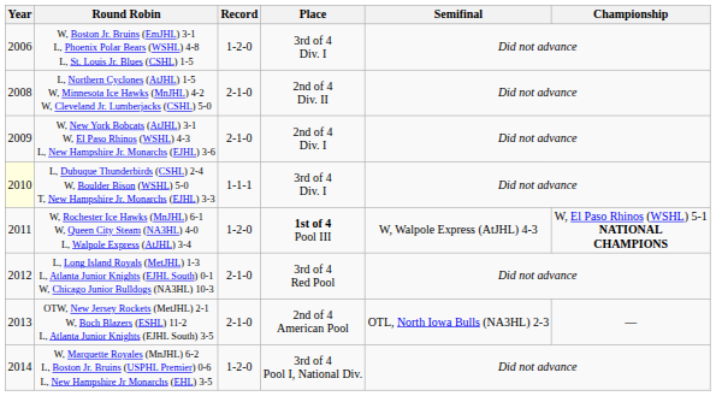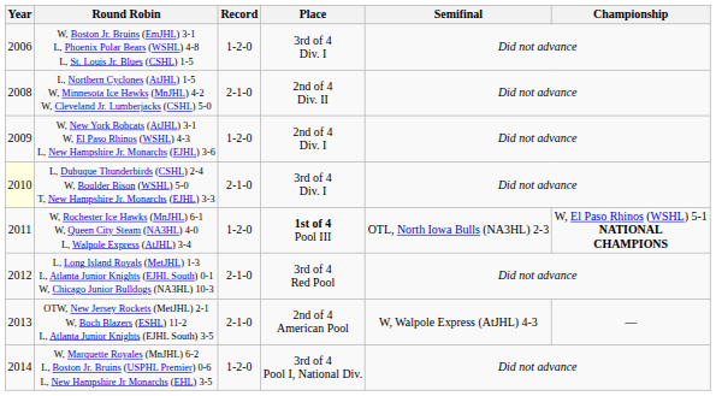 <table class="wikitable"  style="text-align:center">
 <tr>
 <th>Year</th>
 <th>Round Robin</th>
 <th>Record</th>
 <th>Place</th>
 <th>Semifinal</th>
 <th>Championship</th>
 </tr>
 <tr>
 <td>2006</td>
 <td><small>W, <a href='#'>Boston Jr. Bruins</a> (<a href='#'>EmJHL</a>) 3-1<br>L, <a href='#'>Phoenix Polar Bears</a> (<a href='#'>WSHL</a>) 4-8<br>L, <a href='#'>St. Louis Jr. Blues</a> (<a href='#'>CSHL</a>) 1-5</small></td>
 <td>1-2-0</td>
 <td>3rd of 4<br>Div. I</td>
 <td colspan=2><em>Did not advance</em></td>
 </tr>
 <tr>
 <td>2008</td>
 <td><small>L, <a href='#'>Northern Cyclones</a> (<a href='#'>AtJHL</a>) 1-5<br>W, <a href='#'>Minnesota Ice Hawks</a> (<a href='#'>MnJHL</a>) 4-2<br>W, <a href='#'>Cleveland Jr. Lumberjacks</a> (<a href='#'>CSHL</a>) 5-0</small></td>
 <td>2-1-0</td>
 <td>2nd of 4<br>Div. II</td>
 <td colspan=2><em>Did not advance</em></td>
 </tr>
 <tr>
 <td>2009</td>
 <td><small>W, <a href='#'>New York Bobcats</a> (<a href='#'>AtJHL</a>) 3-1<br>W, <a href='#'>El Paso Rhinos</a> (<a href='#'>WSHL</a>) 4-3<br>L, <a href='#'>New Hampshire Jr. Monarchs</a> (<a href='#'>EJHL</a>) 3-6</small></td>
-<td>2-1-0</td>
+<td>1-2-0</td>
 <td>2nd of 4<br>Div. I</td>
 <td colspan=2><em>Did not advance</em></td>
 </tr>
 <tr>
 <td style="background: lightyellow;">2010</td>
 <td><small>L, <a href='#'>Dubuque Thunderbirds</a> (<a href='#'>CSHL</a>) 2-4<br>W, <a href='#'>Boulder Bison</a> (<a href='#'>WSHL</a>) 5-0<br>T, <a href='#'>New Hampshire Jr. Monarchs</a> (<a href='#'>EJHL</a>) 3-3</small></td>
-<td>1-1-1</td>
+<td>2-1-0</td>
 <td>3rd of 4<br>Div. I</td>
 <td colspan=2><em>Did not advance</em></td>
 </tr>
 <tr>
 <td>2011</td>
 <td><small>W, <a href='#'>Rochester Ice Hawks</a> (<a href='#'>MnJHL</a>) 6-1<br>W, <a href='#'>Queen City Steam</a> (<a href='#'>NA3HL</a>) 4-0<br>L, <a href='#'>Walpole Express</a> (<a href='#'>AtJHL</a>) 3-4</small></td>
 <td>1-2-0</td>
 <td><strong>1st of 4</strong><br>Pool III</td>
-<td>W, Walpole Express (AtJHL) 4-3</td>
+<td>OTL, <a href='#'>North Iowa Bulls</a> (NA3HL) 2-3</td>
 <td>W, <a href='#'>El Paso Rhinos</a> (<a href='#'>WSHL</a>) 5-1<br><strong>NATIONAL <br>CHAMPIONS</strong></td>
 </tr>
 <tr>
 <td>2012</td>
 <td><small>L, <a href='#'>Long Island Royals</a> (<a href='#'>MetJHL</a>) 1-3<br>L, <a href='#'>Atlanta Junior Knights</a> (<a href='#'>EJHL South</a>) 0-1<br>W, <a href='#'>Chicago Junior Bulldogs</a> (NA3HL) 10-3</small></td>
 <td>2-1-0</td>
 <td>3rd of 4<br>Red Pool</td>
 <td colspan=2><em>Did not advance</em></td>
 </tr>
 <tr>
 <td>2013</td>
 <td><small>OTW, <a href='#'>New Jersey Rockets</a> (MetJHL) 2-1<br>W, <a href='#'>Boch Blazers</a> (<a href='#'>ESHL</a>) 11-2<br>L, <a href='#'>Atlanta Junior Knights</a> (EJHL South) 3-5</small></td>
 <td>2-1-0</td>
 <td>2nd of 4<br>American Pool</td>
-<td>OTL, <a href='#'>North Iowa Bulls</a> (NA3HL) 2-3</td>
+<td>W, Walpole Express (AtJHL) 4-3</td>
 <td>—</td>
 </tr>
 <tr>
 <td>2014</td>
 <td><small>W, <a href='#'>Marquette Royales</a> (MnJHL) 6-2<br>L, <a href='#'>Boston Jr. Bruins</a> (<a href='#'>USPHL Premier</a>) 0-6<br>L, <a href='#'>New Hampshire Jr Monarchs</a> (<a href='#'>EHL</a>) 3-5</small></td>
 <td>1-2-0</td>
 <td>3rd of 4<br>Pool I, National Div.</td>
 <td colspan=2><em>Did not advance</em></td>
 </tr>
 </table>
